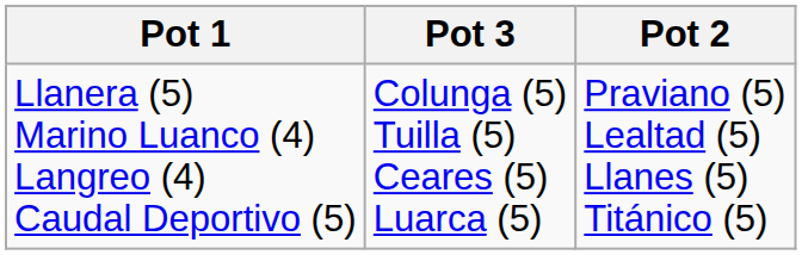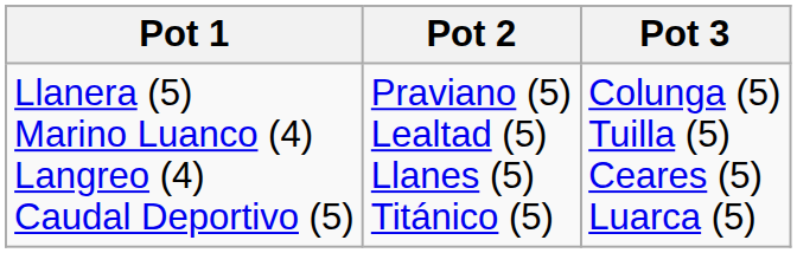 <table class=wikitable>
 <tr>
 <th>Pot 1</th>
+<th>Pot 2</th>
 <th>Pot 3</th>
-<th>Pot 2</th>
 </tr>
 <tr>
 <td><a href='#'>Llanera</a> (5)<br><a href='#'>Marino Luanco</a> (4)<br><a href='#'>Langreo</a> (4)<br><a href='#'>Caudal Deportivo</a> (5)</td>
+<td><a href='#'>Praviano</a> (5)<br><a href='#'>Lealtad</a> (5)<br><a href='#'>Llanes</a> (5)<br><a href='#'>Titánico</a> (5)</td>
 <td><a href='#'>Colunga</a> (5)<br><a href='#'>Tuilla</a> (5)<br><a href='#'>Ceares</a> (5)<br><a href='#'>Luarca</a> (5)</td>
-<td><a href='#'>Praviano</a> (5)<br><a href='#'>Lealtad</a> (5)<br><a href='#'>Llanes</a> (5)<br><a href='#'>Titánico</a> (5)</td>
 </tr>
 </table>
